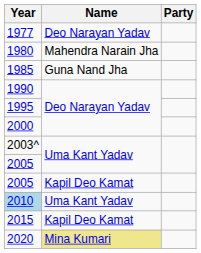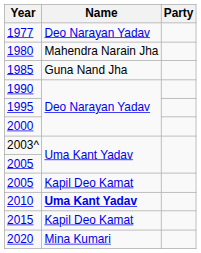 <table class="wikitable">
 <tr>
 <th>Year</th>
 <th>Name</th>
 <th colspan="2">Party</th>
 </tr>
 <tr>
 <td><a href='#'>1977</a></td>
 <td><a href='#'>Deo Narayan Yadav</a></td>
 <td></td>
 </tr>
 <tr>
 <td><a href='#'>1980</a></td>
 <td>Mahendra Narain Jha</td>
 <td></td>
 </tr>
 <tr>
 <td><a href='#'>1985</a></td>
 <td>Guna Nand Jha</td>
 <td></td>
 </tr>
 <tr>
 <td><a href='#'>1990</a></td>
 <td rowspan="3"><a href='#'>Deo Narayan Yadav</a></td>
 <td></td>
 </tr>
 <tr>
 <td><a href='#'>1995</a></td>
 </tr>
 <tr>
 <td><a href='#'>2000</a></td>
 <td></td>
 </tr>
 <tr>
 <td>2003^</td>
 <td rowspan="2"><a href='#'>Uma Kant Yadav</a></td>
 </tr>
 <tr>
 <td><a href='#'>2005</a></td>
 </tr>
 <tr>
 <td><a href='#'>2005</a></td>
 <td><a href='#'>Kapil Deo Kamat</a></td>
 <td></td>
 </tr>
 <tr>
-<td style="background: lightblue;"><a href='#'>2010</a></td>
-<td><a href='#'>Uma Kant Yadav</a></td>
+<td><a href='#'>2010</a></td>
+<td><strong><a href='#'>Uma Kant Yadav</a></strong></td>
 <td></td>
 </tr>
 <tr>
 <td><a href='#'>2015</a></td>
 <td><a href='#'>Kapil Deo Kamat</a></td>
 <td></td>
 </tr>
 <tr>
 <td><a href='#'>2020</a></td>
-<td style="background: khaki;"><a href='#'>Mina Kumari</a></td>
+<td><a href='#'>Mina Kumari</a></td>
 </tr>
 </table>
